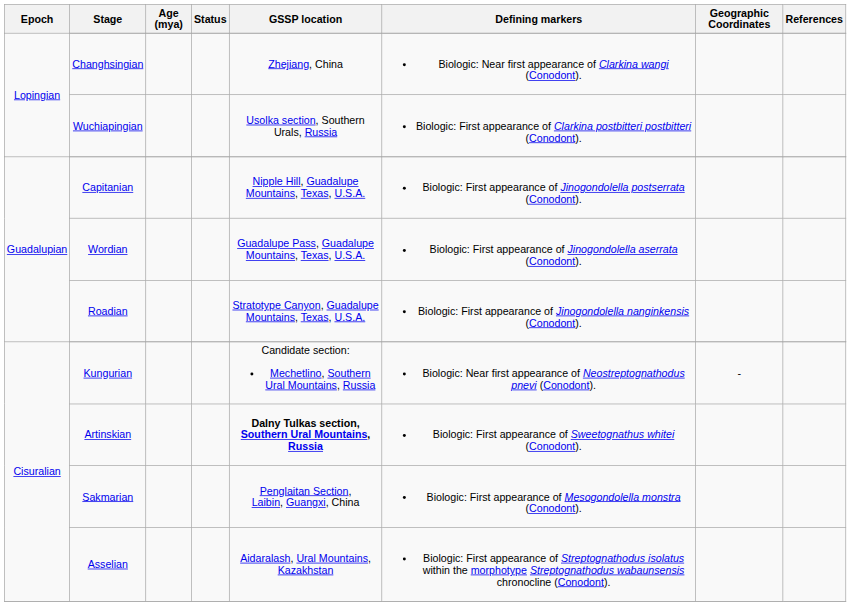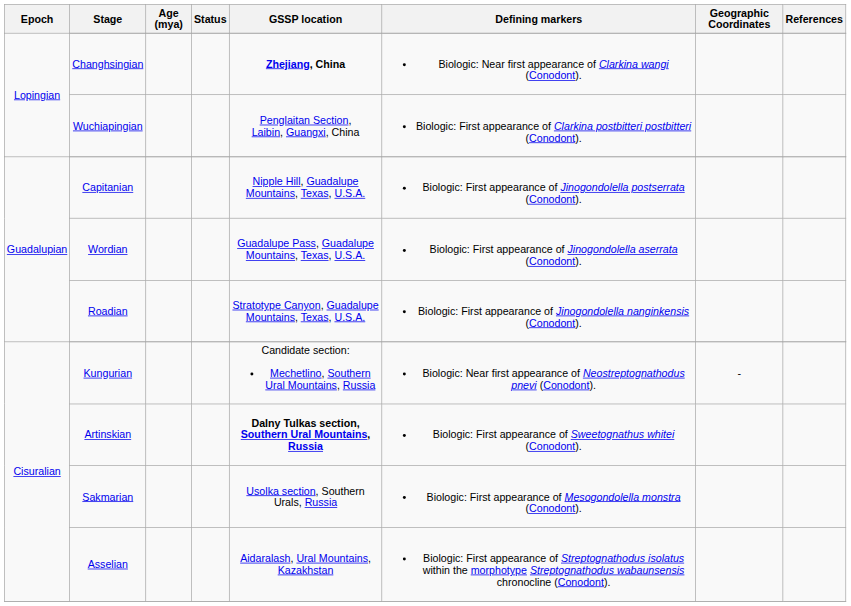 <table class="wikitable"  style="font-size:90%; width:90%; text-align:center;">
 <tr>
 <th style="width:75px;">Epoch</th>
 <th style="width:75px;">Stage</th>
 <th style="width:55px;">Age (mya)</th>
 <th style="width:15px;">Status</th>
 <th style="width:200px;">GSSP location</th>
 <th width="">Defining markers</th>
 <th width="">Geographic Coordinates</th>
 <th width="">References</th>
 </tr>
 <tr style="background:">
 <td rowspan="3"><a href='#'>Lopingian</a></td>
 </tr>
 <tr style="background:">
 <td><a href='#'>Changhsingian</a></td>
 <td></td>
 <td></td>
-<td><a href='#'>Zhejiang</a>, China</td>
+<td><strong><a href='#'>Zhejiang</a>, China</strong></td>
 <td><br><ul><li>Biologic: Near first appearance of <em><a href='#'>Clarkina wangi</a></em> (<a href='#'>Conodont</a>).</li></ul></td>
 <td></td>
 <td></td>
 </tr>
 <tr style="background:">
 <td><a href='#'>Wuchiapingian</a></td>
 <td></td>
 <td></td>
-<td><a href='#'>Usolka section</a>, Southern Urals, <a href='#'>Russia</a></td>
+<td><a href='#'>Penglaitan Section</a>,<br><a href='#'>Laibin</a>, <a href='#'>Guangxi</a>, China</td>
 <td><br><ul><li>Biologic: First appearance of <em><a href='#'>Clarkina postbitteri postbitteri</a></em> (<a href='#'>Conodont</a>).</li></ul></td>
 <td></td>
 <td></td>
 </tr>
 <tr style="background:">
 <td rowspan="4"><a href='#'>Guadalupian</a></td>
 </tr>
 <tr style="background:">
 <td><a href='#'>Capitanian</a></td>
 <td></td>
 <td></td>
 <td><a href='#'>Nipple Hill</a>, <a href='#'>Guadalupe Mountains</a>, <a href='#'>Texas</a>, <a href='#'>U.S.A.</a></td>
 <td><br><ul><li>Biologic: First appearance of <em><a href='#'>Jinogondolella postserrata</a></em> (<a href='#'>Conodont</a>).</li></ul></td>
 <td></td>
 <td></td>
 </tr>
 <tr style="background:">
 <td><a href='#'>Wordian</a></td>
 <td></td>
 <td></td>
 <td><a href='#'>Guadalupe Pass</a>, <a href='#'>Guadalupe Mountains</a>, <a href='#'>Texas</a>, <a href='#'>U.S.A.</a></td>
 <td><br><ul><li>Biologic: First appearance of <em><a href='#'>Jinogondolella aserrata</a></em> (<a href='#'>Conodont</a>).</li></ul></td>
 <td></td>
 <td></td>
 </tr>
 <tr style="background:">
 <td><a href='#'>Roadian</a></td>
 <td></td>
 <td></td>
 <td><a href='#'>Stratotype Canyon</a>, <a href='#'>Guadalupe Mountains</a>, <a href='#'>Texas</a>, <a href='#'>U.S.A.</a></td>
 <td><br><ul><li>Biologic: First appearance of <em><a href='#'>Jinogondolella nanginkensis</a></em> (<a href='#'>Conodont</a>).</li></ul></td>
 <td></td>
 <td></td>
 </tr>
 <tr style="background:">
 <td rowspan="5"><a href='#'>Cisuralian</a></td>
 </tr>
 <tr style="background:">
 <td><a href='#'>Kungurian</a></td>
 <td></td>
 <td></td>
 <td>Candidate section:<br><ul><li><a href='#'>Mechetlino</a>, <a href='#'>Southern Ural Mountains</a>, <a href='#'>Russia</a></li></ul></td>
 <td><br><ul><li>Biologic: Near first appearance of <em><a href='#'>Neostreptognathodus pnevi</a></em> (<a href='#'>Conodont</a>).</li></ul></td>
 <td>-</td>
 <td></td>
 </tr>
 <tr style="background:">
 <td><a href='#'>Artinskian</a></td>
 <td></td>
 <td></td>
 <td><strong>Dalny Tulkas section, <a href='#'>Southern Ural Mountains</a>, <a href='#'>Russia</a></strong></td>
 <td><br><ul><li>Biologic: First appearance of <em><a href='#'>Sweetognathus whitei</a></em> (<a href='#'>Conodont</a>).</li></ul></td>
 <td></td>
 <td></td>
 </tr>
 <tr style="background:">
 <td><a href='#'>Sakmarian</a></td>
 <td></td>
 <td></td>
-<td><a href='#'>Penglaitan Section</a>,<br><a href='#'>Laibin</a>, <a href='#'>Guangxi</a>, China</td>
+<td><a href='#'>Usolka section</a>, Southern Urals, <a href='#'>Russia</a></td>
 <td><br><ul><li>Biologic: First appearance of <em><a href='#'>Mesogondolella monstra</a></em> (<a href='#'>Conodont</a>).</li></ul></td>
 <td></td>
 <td></td>
 </tr>
 <tr style="background:">
 <td><a href='#'>Asselian</a></td>
 <td></td>
 <td></td>
 <td><a href='#'>Aidaralash</a>, <a href='#'>Ural Mountains</a>, <a href='#'>Kazakhstan</a></td>
 <td><br><ul><li>Biologic: First appearance of <em><a href='#'>Streptognathodus isolatus</a></em> within the <a href='#'>morphotype</a> <em><a href='#'>Streptognathodus wabaunsensis</a></em> chronocline (<a href='#'>Conodont</a>).</li></ul></td>
 <td></td>
 <td></td>
 </tr>
 <tr style="background:">
 </tr>
 </table>
